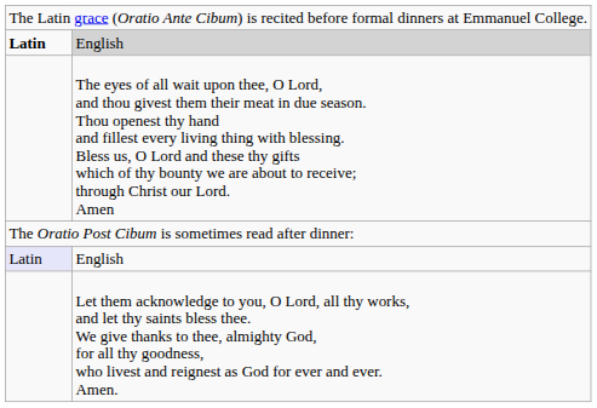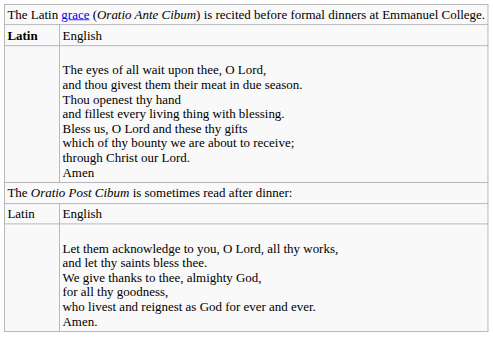 <table class="wikitable">
 <tr>
 <td colspan=2>The Latin <a href='#'>grace</a> (<em>Oratio Ante Cibum</em>) is recited before formal dinners at Emmanuel College.</td>
 </tr>
 <tr>
 <td><strong>Latin</strong></td>
-<td style="background: lightgrey;">English</td>
+<td>English</td>
 </tr>
 <tr>
 <td><br></td>
 <td><br>The eyes of all wait upon thee, O Lord,<br> and thou givest them their meat in due season.<br> Thou openest thy hand<br> and fillest every living thing with blessing.<br> Bless us, O Lord and these thy gifts<br> which of thy bounty we are about to receive;<br> through Christ our Lord.<br> Amen<br></td>
 </tr>
 <tr>
 <td colspan=2>The <em>Oratio Post Cibum</em> is sometimes read after dinner:</td>
 </tr>
 <tr>
-<td style="background: lavender;">Latin</td>
+<td>Latin</td>
 <td>English</td>
 </tr>
 <tr>
 <td><br></td>
 <td><br>Let them acknowledge to you, O Lord, all thy works,<br> and let thy saints bless thee.<br> We give thanks to thee, almighty God,<br> for all thy goodness,<br> who livest and reignest as God for ever and ever.<br> Amen.<br></td>
 </tr>
 </table>
